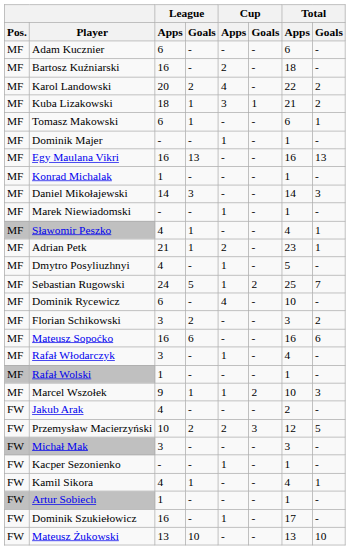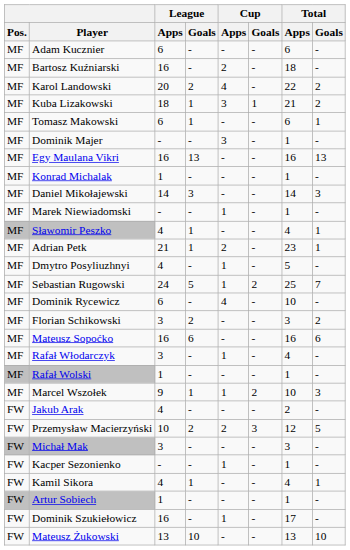 <table class="wikitable" style="display: inline-table;">
 <tr>
 <th colspan="2"></th>
 <th colspan="2">League</th>
 <th colspan="2">Cup</th>
 <th colspan="2">Total</th>
 </tr>
 <tr>
 <th>Pos.</th>
 <th>Player</th>
 <th>Apps</th>
 <th>Goals</th>
 <th>Apps</th>
 <th>Goals</th>
 <th>Apps</th>
 <th>Goals</th>
 </tr>
 <tr>
 <td>MF</td>
 <td>Adam Kucznier</td>
 <td>6</td>
 <td>-</td>
 <td>-</td>
 <td>-</td>
 <td>6</td>
 <td>-</td>
 </tr>
 <tr>
 <td>MF</td>
 <td>Bartosz Kuźniarski</td>
 <td>16</td>
 <td>-</td>
 <td>2</td>
 <td>-</td>
 <td>18</td>
 <td>-</td>
 </tr>
 <tr>
 <td>MF</td>
 <td>Karol Landowski</td>
 <td>20</td>
 <td>2</td>
 <td>4</td>
 <td>-</td>
 <td>22</td>
 <td>2</td>
 </tr>
 <tr>
 <td>MF</td>
 <td>Kuba Lizakowski</td>
 <td>18</td>
 <td>1</td>
 <td>3</td>
 <td>1</td>
 <td>21</td>
 <td>2</td>
 </tr>
 <tr>
 <td>MF</td>
 <td>Tomasz Makowski</td>
 <td>6</td>
 <td>1</td>
 <td>-</td>
 <td>-</td>
 <td>6</td>
 <td>1</td>
 </tr>
 <tr>
 <td>MF</td>
 <td>Dominik Majer</td>
 <td>-</td>
 <td>-</td>
-<td>1</td>
+<td>3</td>
 <td>-</td>
 <td>1</td>
 <td>-</td>
 </tr>
 <tr>
 <td>MF</td>
 <td><a href='#'>Egy Maulana Vikri</a></td>
 <td>16</td>
 <td>13</td>
 <td>-</td>
 <td>-</td>
 <td>16</td>
 <td>13</td>
 </tr>
 <tr>
 <td>MF</td>
 <td><a href='#'>Konrad Michalak</a></td>
 <td>1</td>
 <td>-</td>
 <td>-</td>
 <td>-</td>
 <td>1</td>
 <td>-</td>
 </tr>
 <tr>
 <td>MF</td>
 <td>Daniel Mikołajewski</td>
 <td>14</td>
 <td>3</td>
 <td>-</td>
 <td>-</td>
 <td>14</td>
 <td>3</td>
 </tr>
 <tr>
 <td>MF</td>
 <td>Marek Niewiadomski</td>
 <td>-</td>
 <td>-</td>
 <td>1</td>
 <td>-</td>
 <td>1</td>
 <td>-</td>
 </tr>
 <tr>
 <td bgcolor=silver >MF</td>
 <td bgcolor=silver ><a href='#'>Sławomir Peszko</a></td>
 <td>4</td>
 <td>1</td>
 <td>-</td>
 <td>-</td>
 <td>4</td>
 <td>1</td>
 </tr>
 <tr>
 <td>MF</td>
 <td>Adrian Petk</td>
 <td>21</td>
 <td>1</td>
 <td>2</td>
 <td>-</td>
 <td>23</td>
 <td>1</td>
 </tr>
 <tr>
 <td>MF</td>
 <td>Dmytro Posyliuzhnyi</td>
 <td>4</td>
 <td>-</td>
 <td>1</td>
 <td>-</td>
 <td>5</td>
 <td>-</td>
 </tr>
 <tr>
 <td>MF</td>
 <td>Sebastian Rugowski</td>
 <td>24</td>
 <td>5</td>
 <td>1</td>
 <td>2</td>
 <td>25</td>
 <td>7</td>
 </tr>
 <tr>
 <td>MF</td>
 <td>Dominik Rycewicz</td>
 <td>6</td>
 <td>-</td>
 <td>4</td>
 <td>-</td>
 <td>10</td>
 <td>-</td>
 </tr>
 <tr>
 <td>MF</td>
 <td>Florian Schikowski</td>
 <td>3</td>
 <td>2</td>
 <td>-</td>
 <td>-</td>
 <td>3</td>
 <td>2</td>
 </tr>
 <tr>
 <td>MF</td>
 <td><a href='#'>Mateusz Sopoćko</a></td>
 <td>16</td>
 <td>6</td>
 <td>-</td>
 <td>-</td>
 <td>16</td>
 <td>6</td>
 </tr>
 <tr>
 <td>MF</td>
 <td><a href='#'>Rafał Włodarczyk</a></td>
 <td>3</td>
 <td>-</td>
 <td>1</td>
 <td>-</td>
 <td>4</td>
 <td>-</td>
 </tr>
 <tr>
 <td bgcolor=silver >MF</td>
 <td bgcolor=silver ><a href='#'>Rafał Wolski</a></td>
 <td>1</td>
 <td>-</td>
 <td>-</td>
 <td>-</td>
 <td>1</td>
 <td>-</td>
 </tr>
 <tr>
 <td>MF</td>
 <td>Marcel Wszołek</td>
 <td>9</td>
 <td>1</td>
 <td>1</td>
 <td>2</td>
 <td>10</td>
 <td>3</td>
 </tr>
 <tr>
 <td>FW</td>
 <td><a href='#'>Jakub Arak</a></td>
 <td>4</td>
 <td>-</td>
 <td>-</td>
 <td>-</td>
 <td>2</td>
 <td>-</td>
 </tr>
 <tr>
 <td>FW</td>
 <td>Przemysław Macierzyński</td>
 <td>10</td>
 <td>2</td>
 <td>2</td>
 <td>3</td>
 <td>12</td>
 <td>5</td>
 </tr>
 <tr>
 <td bgcolor=silver >FW</td>
 <td bgcolor=silver ><a href='#'>Michał Mak</a></td>
 <td>3</td>
 <td>-</td>
 <td>-</td>
 <td>-</td>
 <td>3</td>
 <td>-</td>
 </tr>
 <tr>
 <td>FW</td>
 <td>Kacper Sezonienko</td>
 <td>-</td>
 <td>-</td>
 <td>1</td>
 <td>-</td>
 <td>1</td>
 <td>-</td>
 </tr>
 <tr>
 <td>FW</td>
 <td>Kamil Sikora</td>
 <td>4</td>
 <td>1</td>
 <td>-</td>
 <td>-</td>
 <td>4</td>
 <td>1</td>
 </tr>
 <tr>
 <td bgcolor=silver >FW</td>
 <td bgcolor=silver ><a href='#'>Artur Sobiech</a></td>
 <td>1</td>
 <td>-</td>
 <td>-</td>
 <td>-</td>
 <td>1</td>
 <td>-</td>
 </tr>
 <tr>
 <td>FW</td>
 <td>Dominik Szukiełowicz</td>
 <td>16</td>
 <td>-</td>
 <td>1</td>
 <td>-</td>
 <td>17</td>
 <td>-</td>
 </tr>
 <tr>
 <td>FW</td>
 <td><a href='#'>Mateusz Żukowski</a></td>
 <td>13</td>
 <td>10</td>
 <td>-</td>
 <td>-</td>
 <td>13</td>
 <td>10</td>
 </tr>
 </table>
